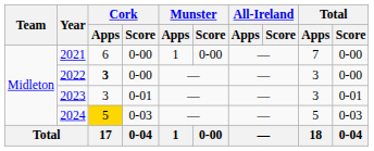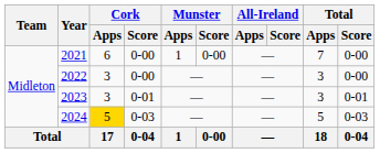 <table class="wikitable" style="text-align:center">
 <tr>
 <th rowspan="2">Team</th>
 <th rowspan="2">Year</th>
 <th colspan="2"><a href='#'>Cork</a></th>
 <th colspan="2"><a href='#'>Munster</a></th>
 <th colspan="2"><a href='#'>All-Ireland</a></th>
 <th colspan="2">Total</th>
 </tr>
 <tr>
 <th>Apps</th>
 <th>Score</th>
 <th>Apps</th>
 <th>Score</th>
 <th>Apps</th>
 <th>Score</th>
 <th>Apps</th>
 <th>Score</th>
 </tr>
 <tr>
 <td rowspan="4"><a href='#'>Midleton</a></td>
 <td><a href='#'>2021</a></td>
 <td>6</td>
 <td>0-00</td>
 <td>1</td>
 <td>0-00</td>
 <td colspan=2>—</td>
 <td>7</td>
 <td>0-00</td>
 </tr>
 <tr>
 <td><a href='#'>2022</a></td>
-<td><strong>3</strong></td>
+<td>3</td>
 <td>0-00</td>
 <td colspan=2>—</td>
 <td colspan=2>—</td>
 <td>3</td>
 <td>0-00</td>
 </tr>
 <tr>
 <td><a href='#'>2023</a></td>
 <td>3</td>
 <td>0-01</td>
 <td colspan=2>—</td>
 <td colspan=2>—</td>
 <td>3</td>
 <td>0-01</td>
 </tr>
 <tr>
 <td><a href='#'>2024</a></td>
 <td style="background: gold;">5</td>
 <td>0-03</td>
 <td colspan=2>—</td>
 <td colspan=2>—</td>
 <td>5</td>
 <td>0-03</td>
 </tr>
 <tr>
 <th colspan="2">Total</th>
 <th>17</th>
 <th>0-04</th>
 <th>1</th>
 <th>0-00</th>
 <th colspan=2>—</th>
 <th>18</th>
 <th>0-04</th>
 </tr>
 </table>
